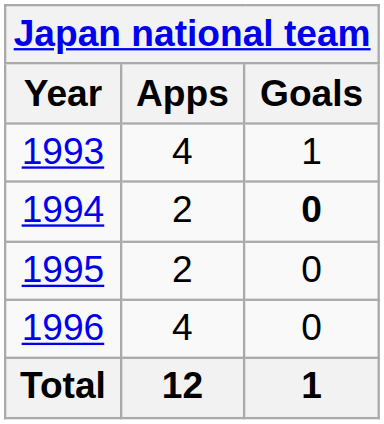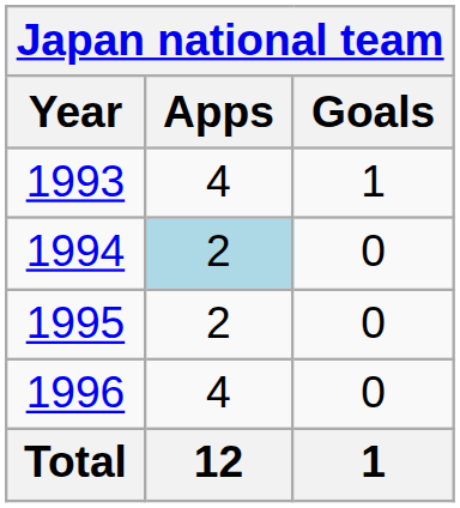 <table class="wikitable" style="text-align:center">
 <tr>
 <th colspan=3><a href='#'>Japan national team</a></th>
 </tr>
 <tr>
 <th>Year</th>
 <th>Apps</th>
 <th>Goals</th>
 </tr>
 <tr>
 <td><a href='#'>1993</a></td>
 <td>4</td>
 <td>1</td>
 </tr>
 <tr>
 <td><a href='#'>1994</a></td>
-<td>2</td>
-<td><strong>0</strong></td>
+<td style="background: lightblue;">2</td>
+<td>0</td>
 </tr>
 <tr>
 <td><a href='#'>1995</a></td>
 <td>2</td>
 <td>0</td>
 </tr>
 <tr>
 <td><a href='#'>1996</a></td>
 <td>4</td>
 <td>0</td>
 </tr>
 <tr>
 <th>Total</th>
 <th>12</th>
 <th>1</th>
 </tr>
 </table>
